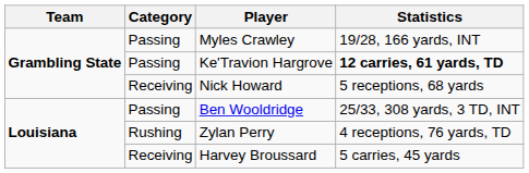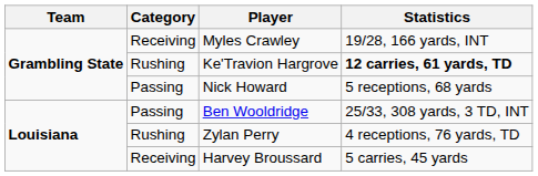 <table class="wikitable" style="float: right;">
 <tr>
 <th>Team</th>
 <th>Category</th>
 <th>Player</th>
 <th>Statistics</th>
 </tr>
 <tr>
 <td rowspan=3><strong>Grambling State</strong></td>
-<td>Passing</td>
+<td>Receiving</td>
 <td>Myles Crawley</td>
 <td>19/28, 166 yards, INT</td>
 </tr>
 <tr>
-<td>Passing</td>
+<td>Rushing</td>
 <td>Ke'Travion Hargrove</td>
 <td><strong>12 carries, 61 yards, TD</strong></td>
 </tr>
 <tr>
-<td>Receiving</td>
+<td>Passing</td>
 <td>Nick Howard</td>
 <td>5 receptions, 68 yards</td>
 </tr>
 <tr>
 <td rowspan=3><strong>Louisiana</strong></td>
 <td>Passing</td>
 <td><a href='#'>Ben Wooldridge</a></td>
 <td>25/33, 308 yards, 3 TD, INT</td>
 </tr>
 <tr>
 <td>Rushing</td>
 <td>Zylan Perry</td>
 <td>4 receptions, 76 yards, TD</td>
 </tr>
 <tr>
 <td>Receiving</td>
 <td>Harvey Broussard</td>
 <td>5 carries, 45 yards</td>
 </tr>
 </table>
